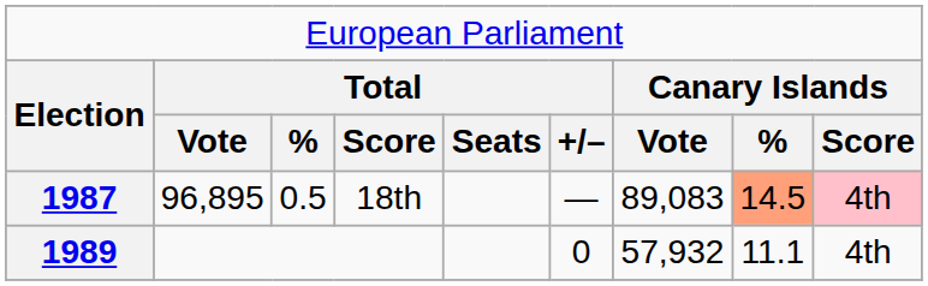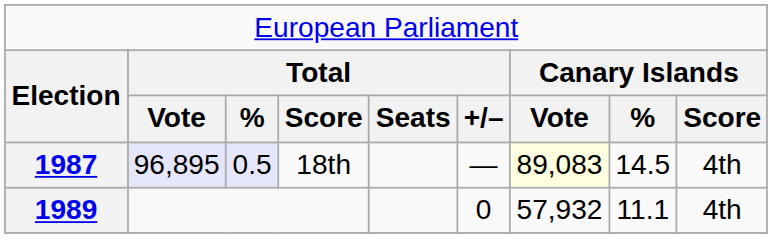 <table class="wikitable" style="font-size:97%; text-align:center;">
 <tr>
 <td colspan="9"><a href='#'>European Parliament</a></td>
 </tr>
 <tr>
 <th rowspan="2">Election</th>
 <th colspan="5">Total</th>
 <th colspan="3">Canary Islands</th>
 </tr>
 <tr>
 <th>Vote</th>
 <th>%</th>
 <th>Score</th>
 <th>Seats</th>
 <th>+/–</th>
 <th>Vote</th>
 <th>%</th>
 <th>Score</th>
 </tr>
 <tr>
 <th><a href='#'>1987</a></th>
-<td>96,895</td>
-<td>0.5</td>
+<td style="background: lavender;">96,895</td>
+<td style="background: lavender;">0.5</td>
 <td>18th</td>
 <td></td>
 <td>—</td>
-<td>89,083</td>
-<td style="background: lightsalmon;">14.5</td>
-<td style="background: pink;">4th</td>
+<td style="background: lightyellow;">89,083</td>
+<td>14.5</td>
+<td>4th</td>
 </tr>
 <tr>
 <th><a href='#'>1989</a></th>
 <td colspan="3"></td>
 <td></td>
 <td>0</td>
 <td>57,932</td>
 <td>11.1</td>
 <td>4th</td>
 </tr>
 </table>
